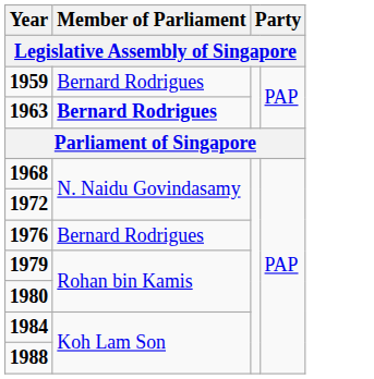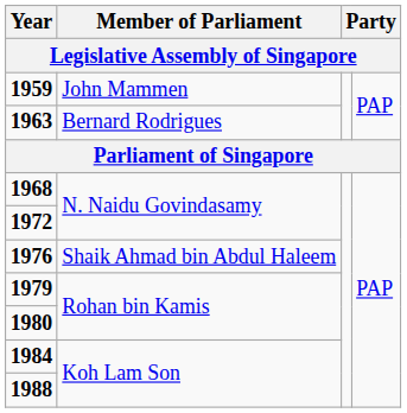 <table class="wikitable">
 <tr>
 <th>Year</th>
 <th>Member of Parliament</th>
 <th colspan="2">Party</th>
 </tr>
 <tr>
 <th colspan="4"><a href='#'>Legislative Assembly of Singapore</a></th>
 </tr>
 <tr>
 <td><strong>1959</strong></td>
-<td><a href='#'>Bernard Rodrigues</a></td>
+<td><a href='#'>John Mammen</a></td>
 <td rowspan="2"></td>
 <td rowspan="2"><a href='#'>PAP</a></td>
 </tr>
 <tr>
 <td><strong>1963</strong></td>
-<td><strong><a href='#'>Bernard Rodrigues</a></strong></td>
+<td><a href='#'>Bernard Rodrigues</a></td>
 </tr>
 <tr>
 <th colspan="4"><a href='#'>Parliament of Singapore</a></th>
 </tr>
 <tr>
 <td><strong>1968</strong></td>
 <td rowspan="2"><a href='#'>N. Naidu Govindasamy</a></td>
 <td rowspan="7"></td>
 <td rowspan="7"><a href='#'>PAP</a></td>
 </tr>
 <tr>
 <td><strong>1972</strong></td>
 </tr>
 <tr>
 <td><strong>1976</strong></td>
-<td><a href='#'>Bernard Rodrigues</a></td>
+<td><a href='#'>Shaik Ahmad bin Abdul Haleem</a></td>
 </tr>
 <tr>
 <td><strong>1979</strong></td>
 <td rowspan="2"><a href='#'>Rohan bin Kamis</a></td>
 </tr>
 <tr>
 <td><strong>1980</strong></td>
 </tr>
 <tr>
 <td><strong>1984</strong></td>
 <td rowspan="2"><a href='#'>Koh Lam Son</a></td>
 </tr>
 <tr>
 <td><strong>1988</strong></td>
 </tr>
 </table>
